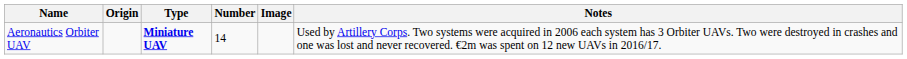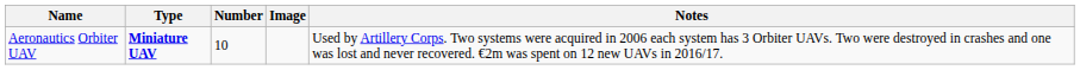 <table class="wikitable">
 <tr>
 <th style="align: center;">Name</th>
-<th>Origin</th>
 <th>Type</th>
 <th>Number</th>
 <th>Image</th>
 <th>Notes</th>
 </tr>
 <tr>
 <td><a href='#'>Aeronautics</a> <a href='#'>Orbiter UAV</a></td>
-<td></td>
 <td><strong><a href='#'>Miniature UAV</a></strong></td>
-<td>14</td>
+<td>10</td>
 <td></td>
 <td>Used by <a href='#'>Artillery Corps</a>. Two systems were acquired in 2006 each system has 3 Orbiter UAVs. Two were destroyed in crashes and one was lost and never recovered. €2m was spent on 12 new UAVs in 2016/17.</td>
 </tr>
 </table>
